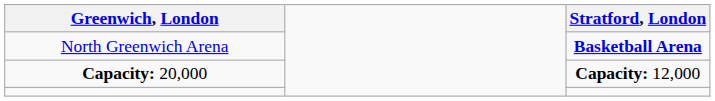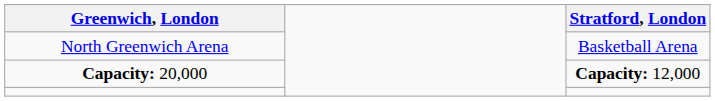 <table class="wikitable" style="margin:1em auto; text-align:center;">
 <tr>
 <th width=250px><a href='#'>Greenwich</a>, <a href='#'>London</a></th>
 <td width=250px rowspan=4></td>
 <th width-250px><a href='#'>Stratford</a>, <a href='#'>London</a></th>
 </tr>
 <tr>
 <td><a href='#'>North Greenwich Arena</a></td>
-<td><strong><a href='#'>Basketball Arena</a></strong></td>
+<td><a href='#'>Basketball Arena</a></td>
 </tr>
 <tr>
 <td><strong>Capacity:</strong> 20,000</td>
 <td><strong>Capacity:</strong> 12,000</td>
 </tr>
 <tr>
 <td></td>
 <td></td>
 </tr>
 </table>
